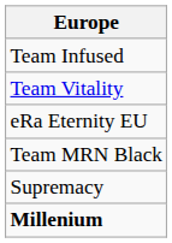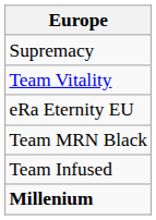 <table class="wikitable" style="display: inline-table; margin-left: 25px;">
 <tr>
 <th>Europe</th>
 </tr>
 <tr>
-<td>Team Infused</td>
+<td>Supremacy</td>
 </tr>
 <tr>
 <td><a href='#'>Team Vitality</a></td>
 </tr>
 <tr>
 <td>eRa Eternity EU</td>
 </tr>
 <tr>
 <td>Team MRN Black</td>
 </tr>
 <tr>
-<td>Supremacy</td>
+<td>Team Infused</td>
 </tr>
 <tr>
 <td><strong>Millenium</strong></td>
 </tr>
 </table>
